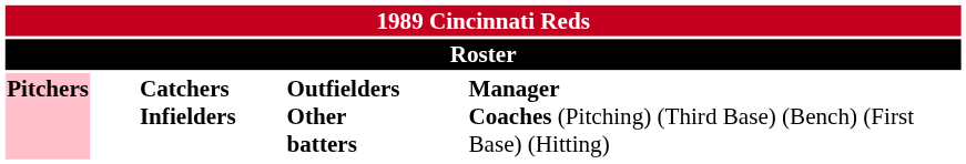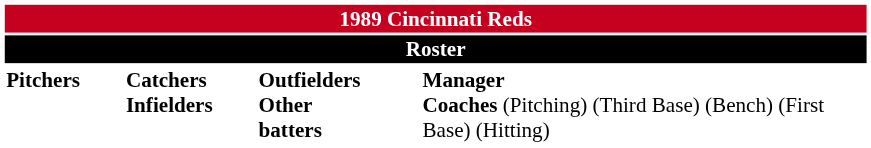 <table class="toccolours" style="font-size: 95%;">
 <tr>
 <th colspan="10" style="background:#c6011f; color:#fff; text-align:center;">1989 Cincinnati Reds</th>
 </tr>
 <tr>
 <td colspan="10" style="background:black; color:#fff; text-align:center;"><strong>Roster</strong></td>
 </tr>
 <tr>
-<td valign="top" style="background: pink;"><strong>Pitchers</strong><br>               </td>
+<td valign="top"><strong>Pitchers</strong><br>               </td>
 <td style="width:25px;"></td>
 <td valign="top"><strong>Catchers</strong><br>    <strong>Infielders</strong>           </td>
 <td style="width:25px;"></td>
 <td valign="top"><strong>Outfielders</strong><br>         <strong>Other batters</strong> </td>
 <td style="width:25px;"></td>
 <td valign="top"><strong>Manager</strong><br>  <strong>Coaches</strong>  (Pitching)  (Third Base)   (Bench)  (First Base)  (Hitting)</td>
 </tr>
 </table>
